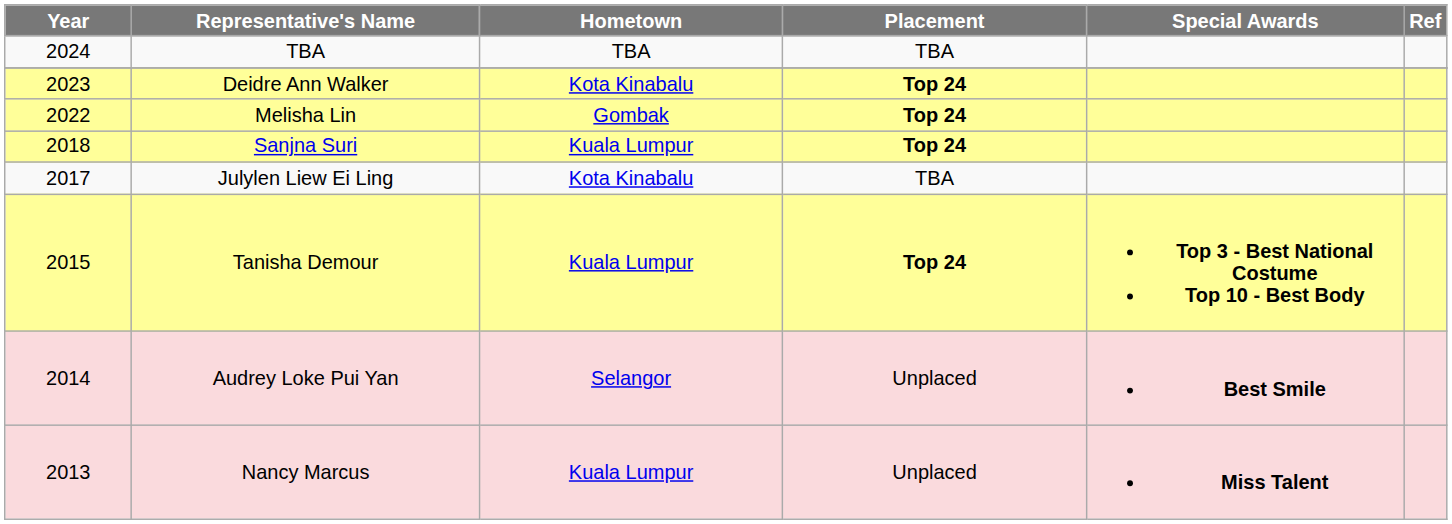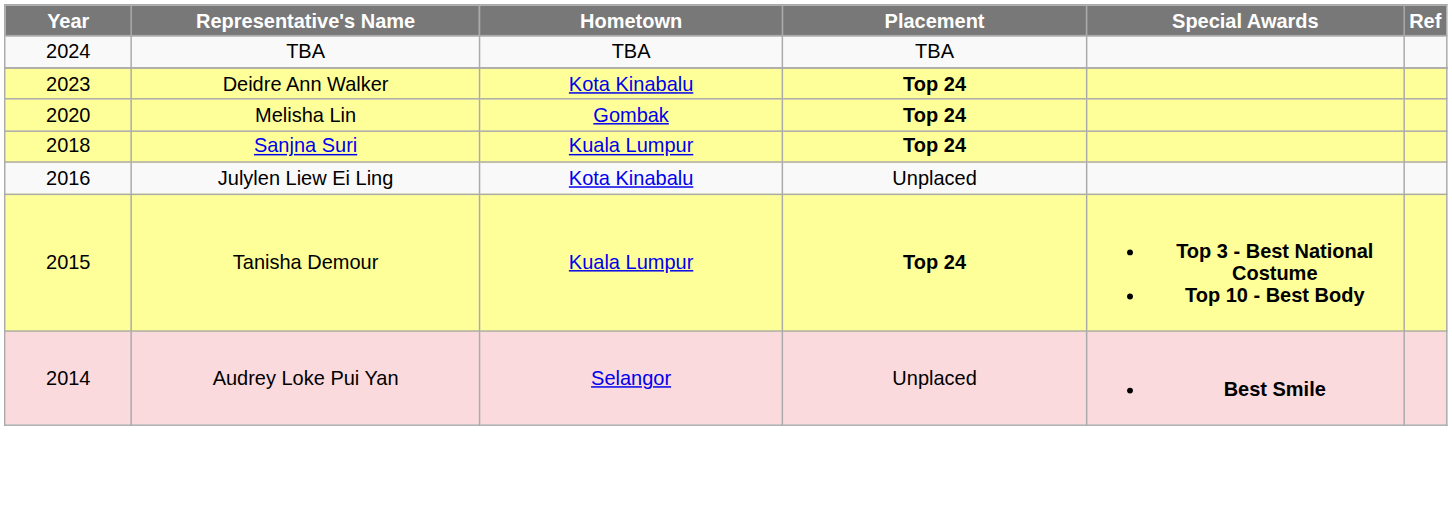 <table class="wikitable sortable" style="font-size: 85%; text-align:center">
 <tr>
 <th width="80" style="background-color:#787878;color:#FFFFFF;">Year</th>
 <th width="230" style="background-color:#787878;color:#FFFFFF;">Representative's Name</th>
 <th width="200" style="background-color:#787878;color:#FFFFFF;">Hometown</th>
 <th width="200" style="background-color:#787878;color:#FFFFFF;">Placement</th>
 <th width="210" style="background-color:#787878;color:#FFFFFF;">Special Awards</th>
 <th width="8" style="background-color:#787878;color:#FFFFFF;">Ref</th>
 </tr>
 <tr>
 <td>2024</td>
 <td>TBA</td>
 <td>TBA</td>
 <td>TBA</td>
 <td></td>
 <td></td>
 </tr>
 <tr>
 </tr>
 <tr style="background-color:#FFFF99">
 <td>2023</td>
 <td>Deidre Ann Walker</td>
 <td><a href='#'>Kota Kinabalu</a></td>
 <td><strong>Top 24</strong></td>
 <td></td>
 <td></td>
 </tr>
 <tr style="background-color:#FFFF99">
-<td>2022</td>
+<td>2020</td>
 <td>Melisha Lin</td>
 <td><a href='#'>Gombak</a></td>
 <td><strong>Top 24</strong></td>
 <td></td>
 <td></td>
 </tr>
 <tr style="background-color:#FFFF99">
 <td>2018</td>
 <td><a href='#'>Sanjna Suri</a></td>
 <td><a href='#'>Kuala Lumpur</a></td>
 <td><strong>Top 24</strong></td>
 <td></td>
 <td></td>
 </tr>
 <tr>
-<td>2017</td>
+<td>2016</td>
 <td>Julylen Liew Ei Ling</td>
 <td><a href='#'>Kota Kinabalu</a></td>
-<td>TBA</td>
+<td>Unplaced</td>
 <td></td>
 <td></td>
 </tr>
 <tr style="background-color:#FFFF99">
 <td>2015</td>
 <td>Tanisha Demour</td>
 <td><a href='#'>Kuala Lumpur</a></td>
 <td><strong>Top 24</strong></td>
 <td><strong><br><ul><li>Top 3 - Best National Costume</li><li>Top 10 - Best Body</li></ul></strong></td>
 <td></td>
 </tr>
 <tr style="background-color:#FADADD;: bold">
 <td>2014</td>
 <td>Audrey Loke Pui Yan</td>
 <td><a href='#'>Selangor</a></td>
 <td>Unplaced</td>
 <td><br><ul><li><strong>Best Smile</strong></li></ul></td>
 <td></td>
 </tr>
-<tr style="background-color:#FADADD;: bold">
-<td>2013</td>
-<td>Nancy Marcus</td>
-<td><a href='#'>Kuala Lumpur</a></td>
-<td>Unplaced</td>
-<td><br><ul><li><strong>Miss Talent</strong></li></ul></td>
-<td></td>
-</tr>
 </table>
